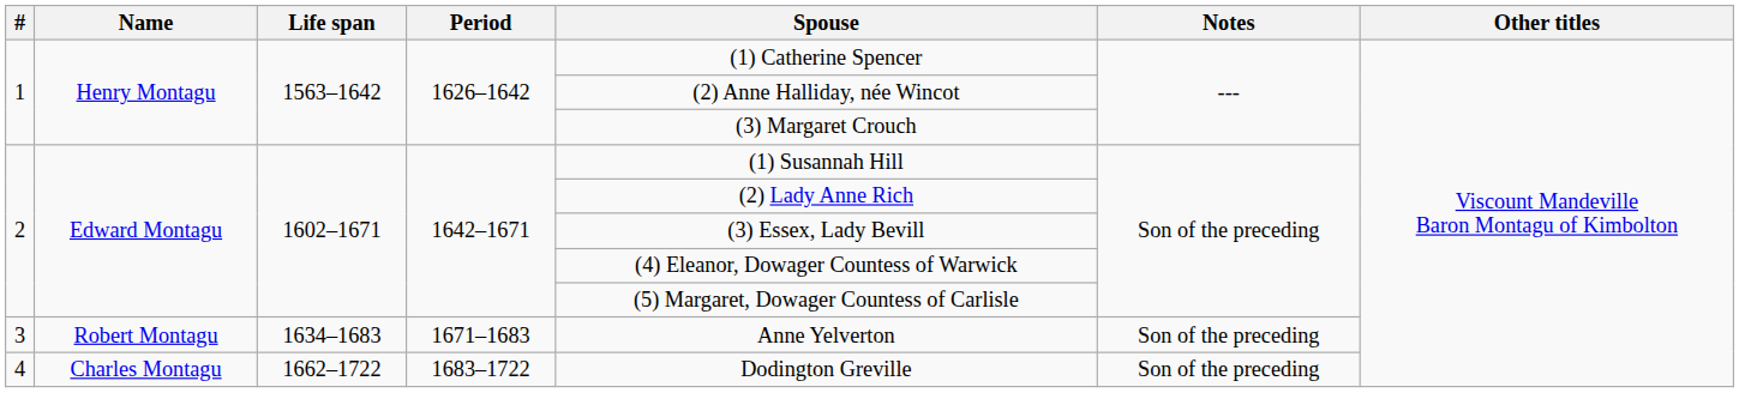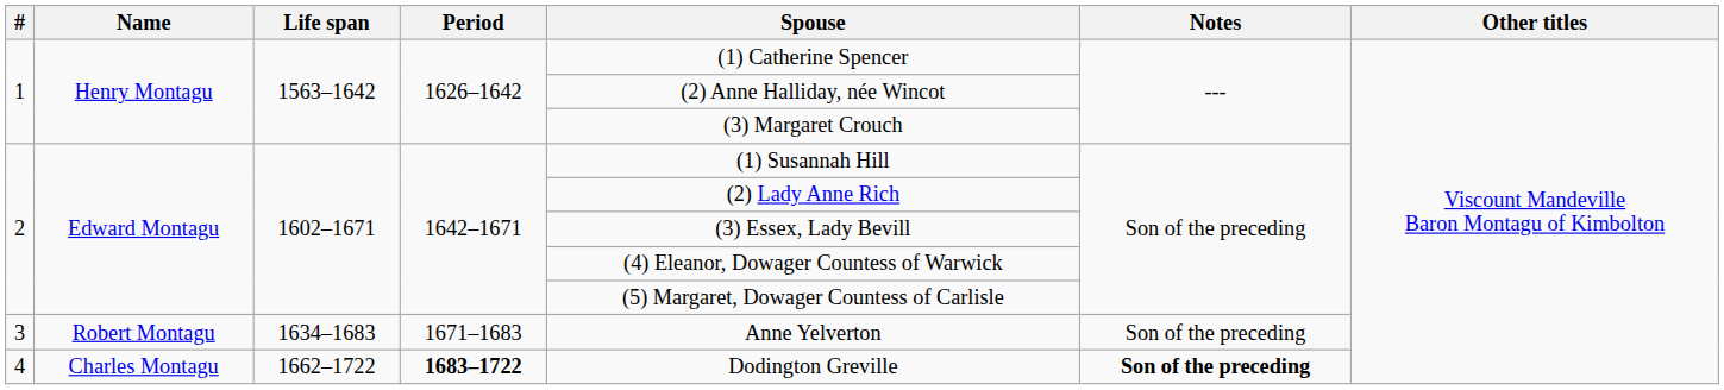 <table style="text-align:center; width:100%;" class="wikitable" |Created by >
 <tr>
 <th>#</th>
 <th>Name</th>
 <th>Life span</th>
 <th>Period</th>
 <th>Spouse</th>
 <th>Notes</th>
 <th>Other titles</th>
 </tr>
 <tr>
 <td rowspan="3">1</td>
 <td rowspan="3"><a href='#'>Henry Montagu</a></td>
 <td rowspan="3">1563–1642</td>
 <td rowspan="3">1626–1642</td>
 <td>(1) Catherine Spencer</td>
 <td rowspan="3">---</td>
 <td rowspan="10"><a href='#'>Viscount Mandeville</a><br><a href='#'>Baron Montagu of Kimbolton</a></td>
 </tr>
 <tr>
 <td>(2) Anne Halliday, née Wincot</td>
 </tr>
 <tr>
 <td>(3) Margaret Crouch</td>
 </tr>
 <tr>
 <td rowspan="5">2</td>
 <td rowspan="5"><a href='#'>Edward Montagu</a></td>
 <td rowspan="5">1602–1671</td>
 <td rowspan="5">1642–1671</td>
 <td>(1) Susannah Hill</td>
 <td rowspan="5">Son of the preceding</td>
 </tr>
 <tr>
 <td>(2) <a href='#'>Lady Anne Rich</a></td>
 </tr>
 <tr>
 <td>(3) Essex, Lady Bevill</td>
 </tr>
 <tr>
 <td>(4) Eleanor, Dowager Countess of Warwick</td>
 </tr>
 <tr>
 <td>(5) Margaret, Dowager Countess of Carlisle</td>
 </tr>
 <tr>
 <td>3</td>
 <td><a href='#'>Robert Montagu</a></td>
 <td>1634–1683</td>
 <td>1671–1683</td>
 <td>Anne Yelverton</td>
 <td>Son of the preceding</td>
 </tr>
 <tr>
 <td>4</td>
 <td><a href='#'>Charles Montagu</a></td>
 <td>1662–1722</td>
-<td>1683–1722</td>
+<td><strong>1683–1722</strong></td>
 <td>Dodington Greville</td>
-<td>Son of the preceding</td>
+<td><strong>Son of the preceding</strong></td>
 </tr>
 </table>
